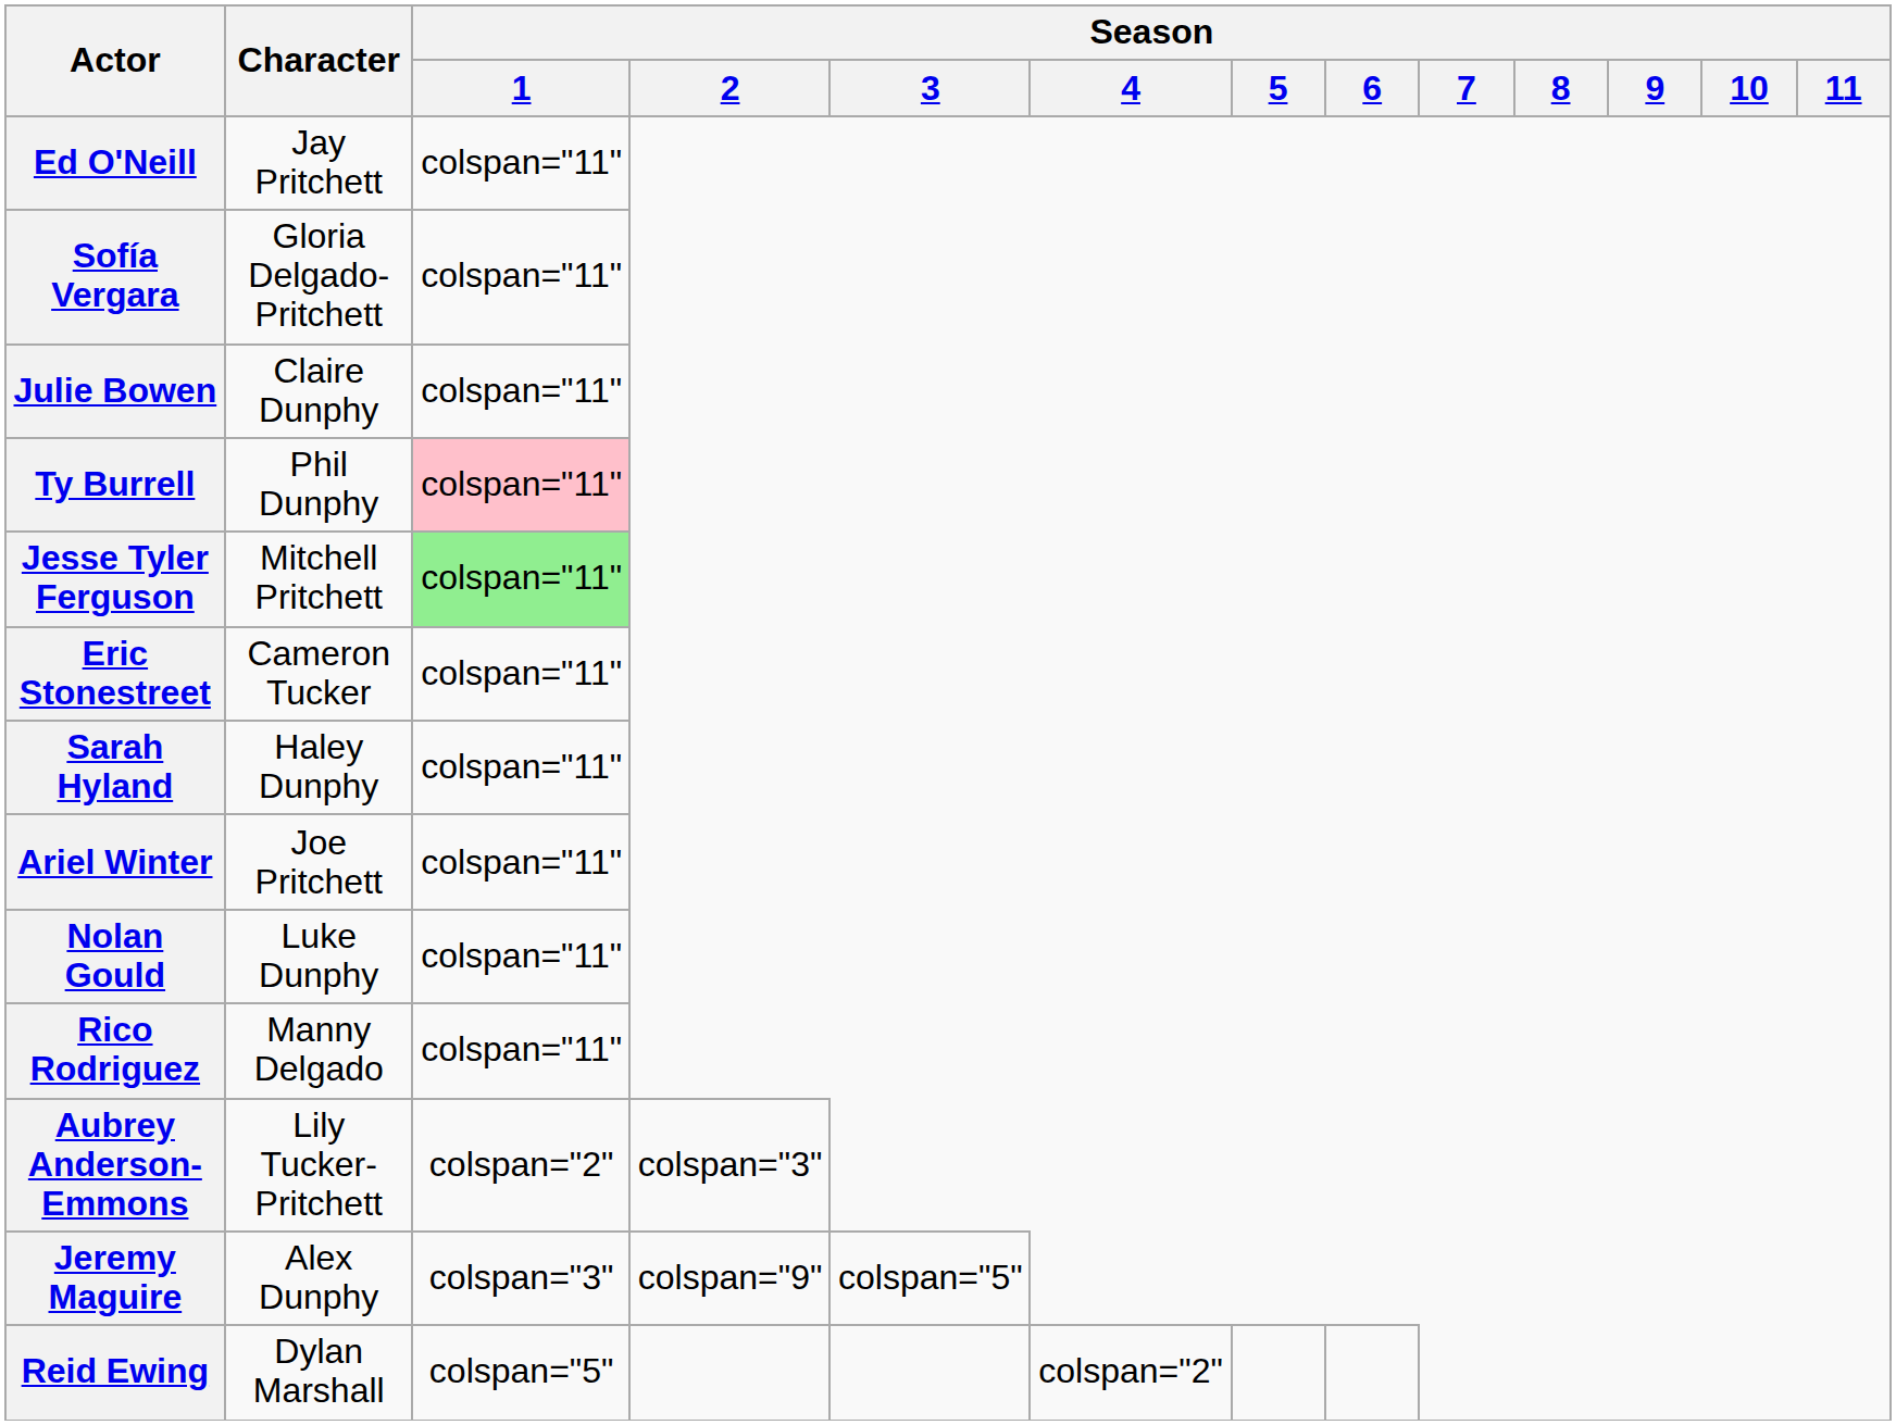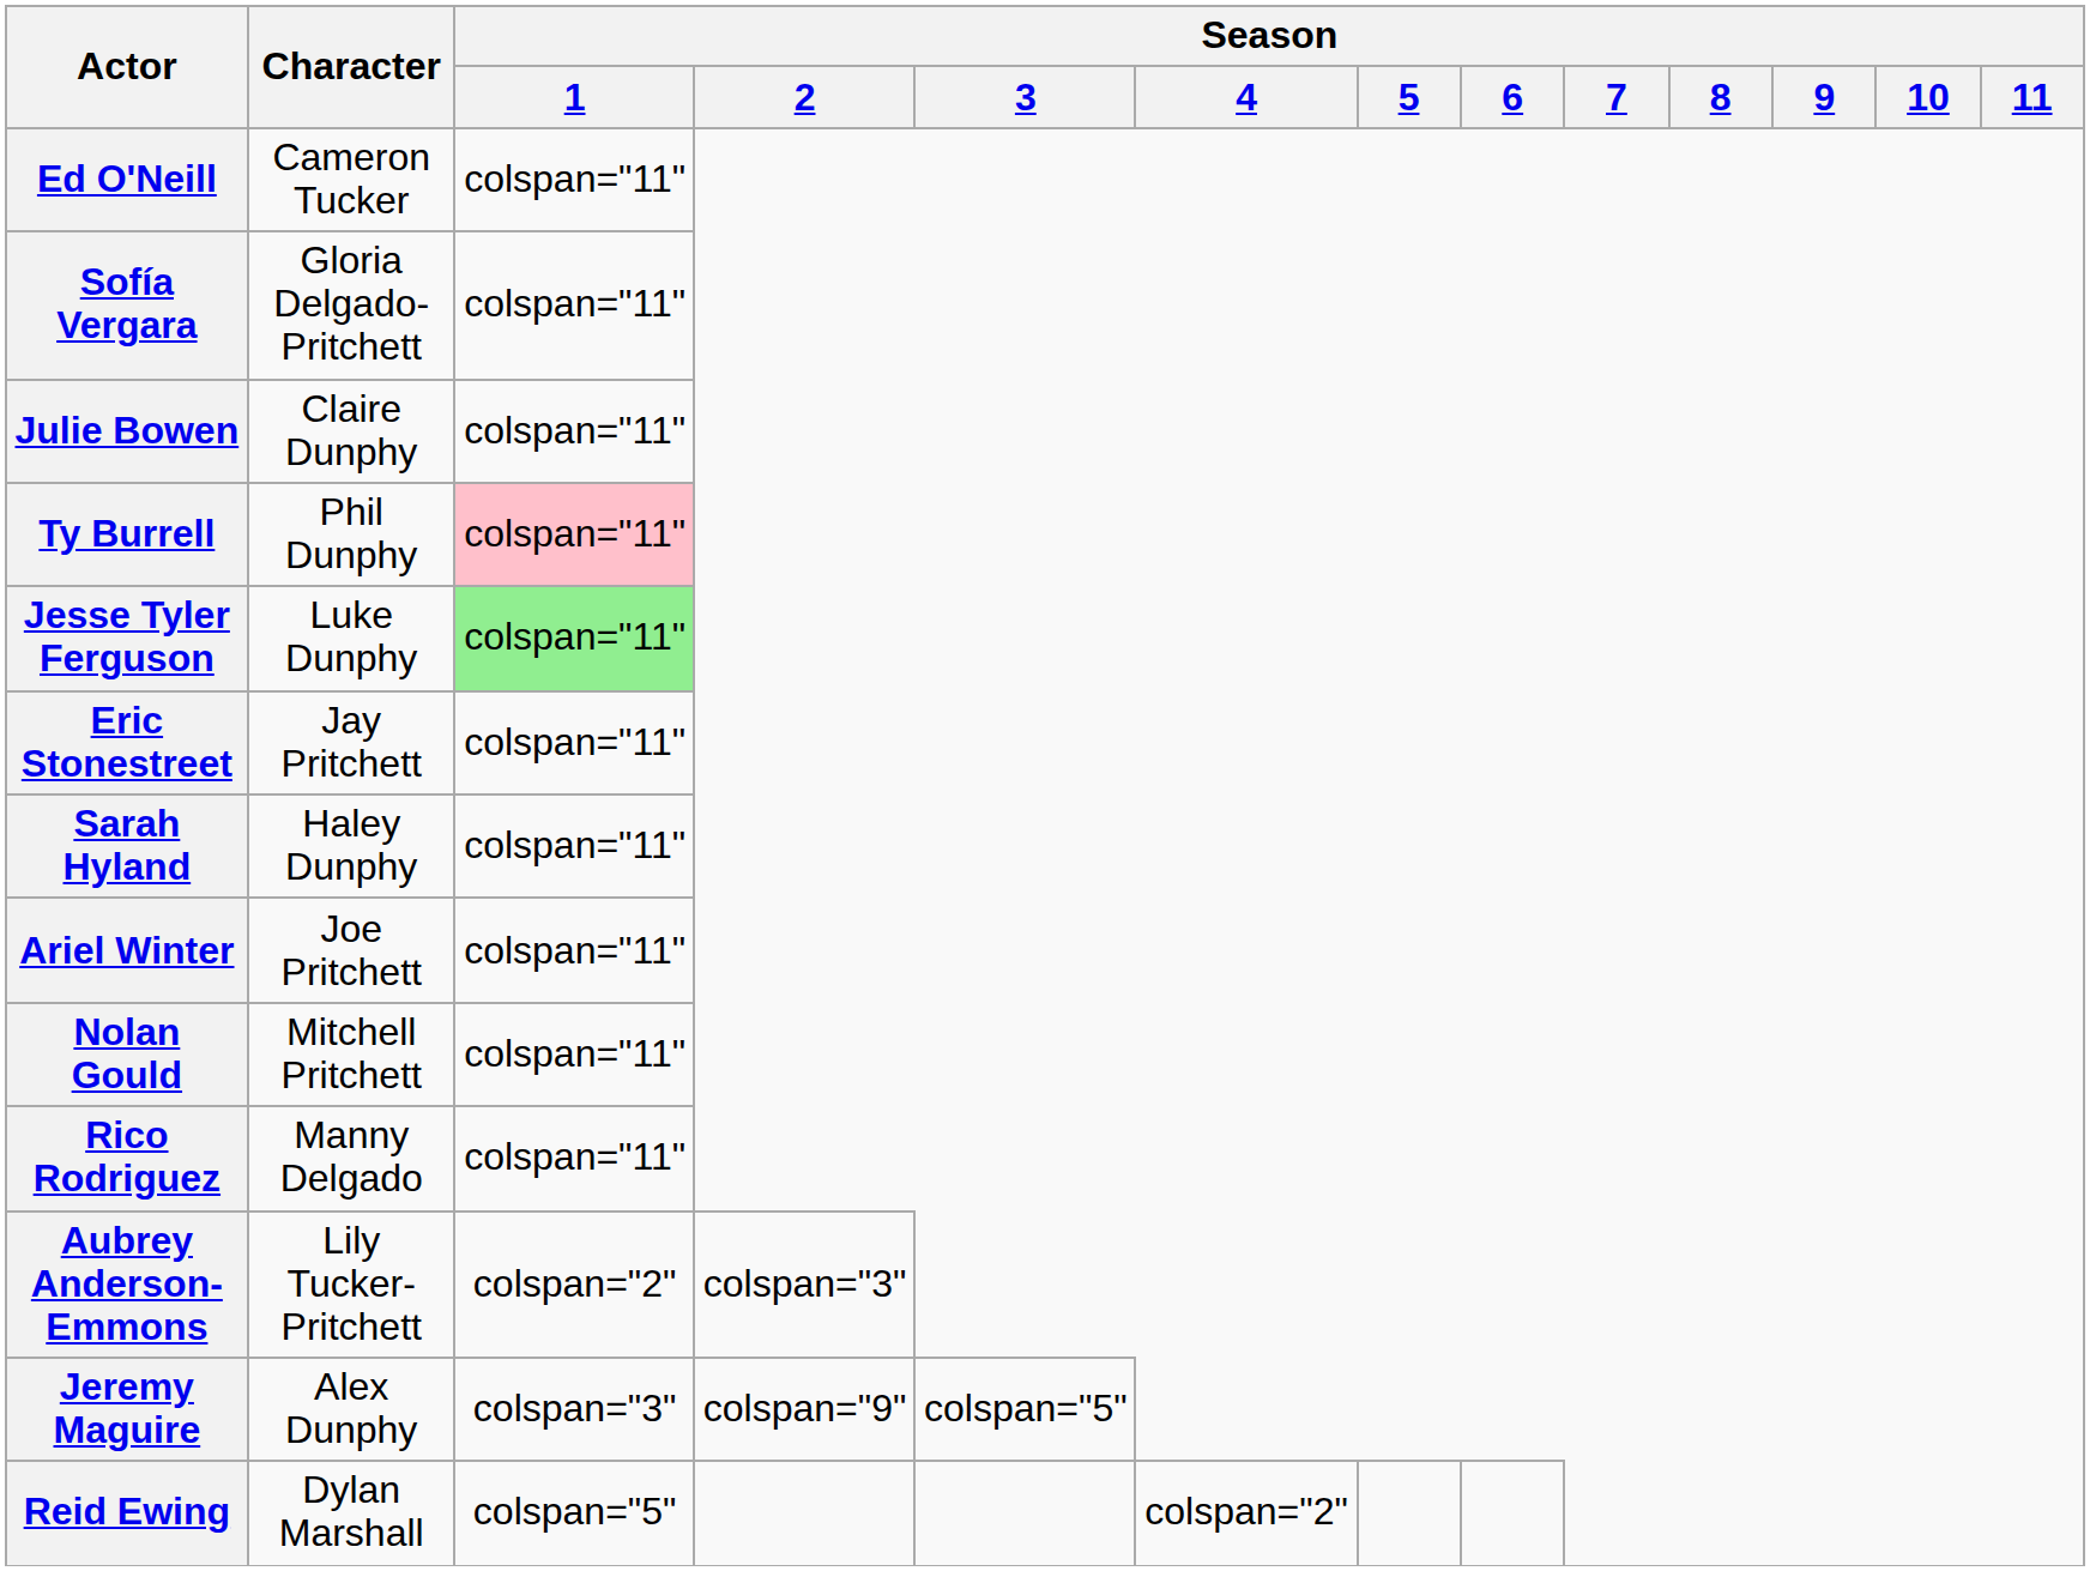 <table class="wikitable plainrowheaders" style="text-align:center;">
 <tr>
 <th scope="col" rowspan="2">Actor</th>
 <th scope="col" rowspan="2">Character</th>
 <th scope="col" colspan="11">Season</th>
 </tr>
 <tr>
 <th style="width:5%;"><a href='#'>1</a></th>
 <th style="width:5%;"><a href='#'>2</a></th>
 <th style="width:5%;"><a href='#'>3</a></th>
 <th style="width:5%;"><a href='#'>4</a></th>
 <th style="width:5%;"><a href='#'>5</a></th>
 <th style="width:5%;"><a href='#'>6</a></th>
 <th style="width:5%;"><a href='#'>7</a></th>
 <th style="width:5%;"><a href='#'>8</a></th>
 <th style="width:5%;"><a href='#'>9</a></th>
 <th style="width:5%;"><a href='#'>10</a></th>
 <th style="width:5%;"><a href='#'>11</a></th>
 </tr>
 <tr>
 <th scope="row"><a href='#'>Ed O'Neill</a></th>
-<td>Jay Pritchett</td>
+<td>Cameron Tucker</td>
 <td>colspan="11" </td>
 </tr>
 <tr>
 <th scope="row"><a href='#'>Sofía Vergara</a></th>
 <td>Gloria Delgado-Pritchett</td>
 <td>colspan="11" </td>
 </tr>
 <tr>
 <th scope="row"><a href='#'>Julie Bowen</a></th>
 <td>Claire Dunphy</td>
 <td>colspan="11" </td>
 </tr>
 <tr>
 <th scope="row"><a href='#'>Ty Burrell</a></th>
 <td>Phil Dunphy</td>
 <td style="background: pink;">colspan="11" </td>
 </tr>
 <tr>
 <th scope="row"><a href='#'>Jesse Tyler Ferguson</a></th>
-<td>Mitchell Pritchett</td>
+<td>Luke Dunphy</td>
 <td style="background: lightgreen;">colspan="11" </td>
 </tr>
 <tr>
 <th scope="row"><a href='#'>Eric Stonestreet</a></th>
-<td>Cameron Tucker</td>
+<td>Jay Pritchett</td>
 <td>colspan="11" </td>
 </tr>
 <tr>
 <th scope="row"><a href='#'>Sarah Hyland</a></th>
 <td>Haley Dunphy</td>
 <td>colspan="11" </td>
 </tr>
 <tr>
 <th scope="row"><a href='#'>Ariel Winter</a></th>
 <td>Joe Pritchett</td>
 <td>colspan="11" </td>
 </tr>
 <tr>
 <th scope="row"><a href='#'>Nolan Gould</a></th>
-<td>Luke Dunphy</td>
+<td>Mitchell Pritchett</td>
 <td>colspan="11" </td>
 </tr>
 <tr>
 <th scope="row"><a href='#'>Rico Rodriguez</a></th>
 <td>Manny Delgado</td>
 <td>colspan="11" </td>
 </tr>
 <tr>
 <th scope="row"><a href='#'>Aubrey Anderson-Emmons</a></th>
 <td>Lily Tucker-Pritchett</td>
 <td>colspan="2" </td>
 <td>colspan="3" </td>
 </tr>
 <tr>
 <th scope="row"><a href='#'>Jeremy Maguire</a></th>
 <td>Alex Dunphy</td>
 <td>colspan="3" </td>
 <td>colspan="9" </td>
 <td>colspan="5" </td>
 </tr>
 <tr>
 <th scope="row"><a href='#'>Reid Ewing</a></th>
 <td>Dylan Marshall</td>
 <td>colspan="5" </td>
 <td></td>
 <td></td>
 <td>colspan="2" </td>
 <td></td>
 <td></td>
 </tr>
 </table>
